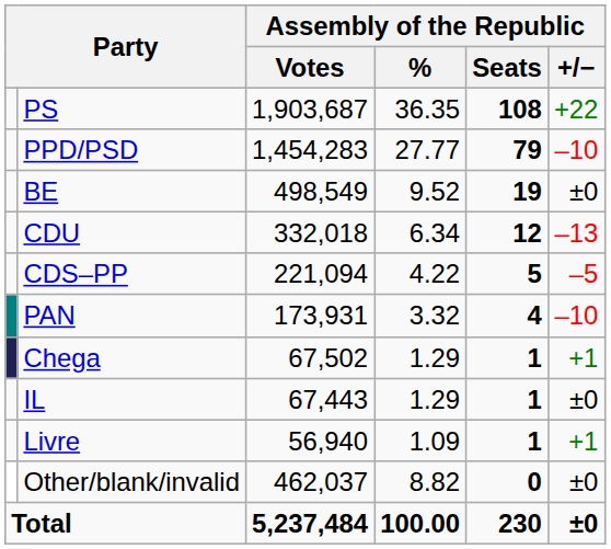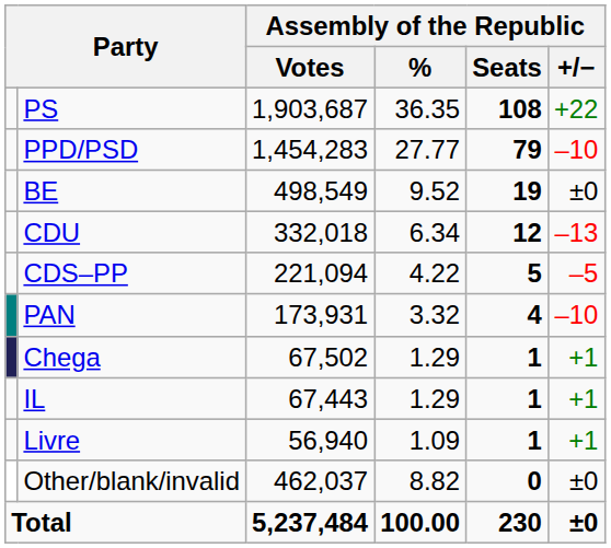 <table class="wikitable" style="text-align:right; font-size:95%;">
 <tr>
 <th colspan="2" rowspan="2">Party</th>
 <th colspan="4">Assembly of the Republic</th>
 </tr>
 <tr>
 <th>Votes</th>
 <th>%</th>
 <th>Seats</th>
 <th>+/−</th>
 </tr>
 <tr>
 <td style="background:"></td>
 <td align="left"><a href='#'>PS</a></td>
 <td>1,903,687</td>
 <td>36.35</td>
 <td><strong>108</strong></td>
 <td style="color:green;">+22</td>
 </tr>
 <tr>
 <td style="background:"></td>
 <td align="left"><a href='#'>PPD/PSD</a></td>
 <td>1,454,283</td>
 <td>27.77</td>
 <td><strong>79</strong></td>
 <td style="color:red;">–10</td>
 </tr>
 <tr>
 <td style="background:"></td>
 <td align="left"><a href='#'>BE</a></td>
 <td>498,549</td>
 <td>9.52</td>
 <td><strong>19</strong></td>
 <td>±0</td>
 </tr>
 <tr>
 <td style="background:"></td>
 <td align="left"><a href='#'>CDU</a></td>
 <td>332,018</td>
 <td>6.34</td>
 <td><strong>12</strong></td>
 <td style="color:red;">–13</td>
 </tr>
 <tr>
 <td style="background:"></td>
 <td align="left"><a href='#'>CDS–PP</a></td>
 <td>221,094</td>
 <td>4.22</td>
 <td><strong>5</strong></td>
 <td style="color:red;">–5</td>
 </tr>
 <tr>
 <td style="background:teal;"></td>
 <td align="left"><a href='#'>PAN</a></td>
 <td>173,931</td>
 <td>3.32</td>
 <td><strong>4</strong></td>
 <td style="color:red;">–10</td>
 </tr>
 <tr>
 <td style="background:#202056;"></td>
 <td align="left"><a href='#'>Chega</a></td>
 <td>67,502</td>
 <td>1.29</td>
 <td><strong>1</strong></td>
 <td style="color:green;">+1</td>
 </tr>
 <tr>
 <td style="background:"></td>
 <td align="left"><a href='#'>IL</a></td>
 <td>67,443</td>
 <td>1.29</td>
 <td><strong>1</strong></td>
-<td>±0</td>
+<td style="color:green;">+1</td>
 </tr>
 <tr>
 <td style="background:"></td>
 <td align="left"><a href='#'>Livre</a></td>
 <td>56,940</td>
 <td>1.09</td>
 <td><strong>1</strong></td>
 <td style="color:green;">+1</td>
 </tr>
 <tr>
 <td style="background:white;"></td>
 <td align="left">Other/blank/invalid</td>
 <td>462,037</td>
 <td>8.82</td>
 <td><strong>0</strong></td>
 <td>±0</td>
 </tr>
 <tr style="font-weight:bold">
 <td colspan="2" align="left">Total</td>
 <td>5,237,484</td>
 <td>100.00</td>
 <td>230</td>
 <td>±0</td>
 </tr>
 </table>
